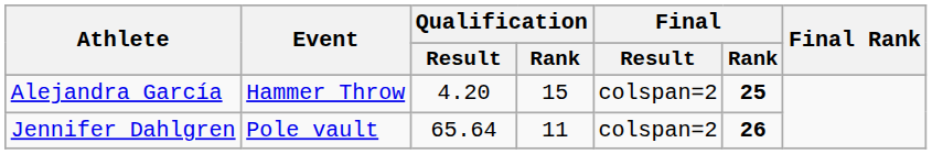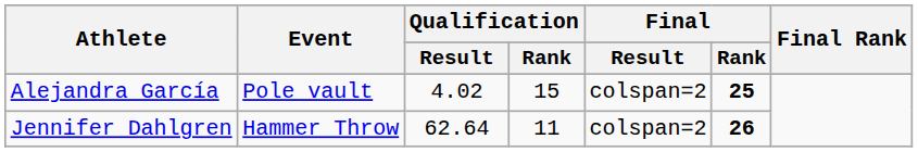 <table class="wikitable" style="font-size:90%">
 <tr>
 <th rowspan="2">Athlete</th>
 <th rowspan="2">Event</th>
 <th colspan="2">Qualification</th>
 <th colspan="2">Final</th>
 <th colspan="2" rowspan="2">Final Rank</th>
 </tr>
 <tr style="font-size:95%">
 <th>Result</th>
 <th>Rank</th>
 <th>Result</th>
 <th>Rank</th>
 </tr>
 <tr align=center>
 <td align=left><a href='#'>Alejandra García</a></td>
-<td align=left><a href='#'>Hammer Throw</a></td>
-<td>4.20</td>
+<td align=left><a href='#'>Pole vault</a></td>
+<td>4.02</td>
 <td>15</td>
 <td>colspan=2 </td>
 <td><strong>25</strong></td>
 </tr>
 <tr align=center>
 <td align=left><a href='#'>Jennifer Dahlgren</a></td>
-<td align=left><a href='#'>Pole vault</a></td>
-<td>65.64</td>
+<td align=left><a href='#'>Hammer Throw</a></td>
+<td>62.64</td>
 <td>11</td>
 <td>colspan=2 </td>
 <td><strong>26</strong></td>
 </tr>
 </table>
